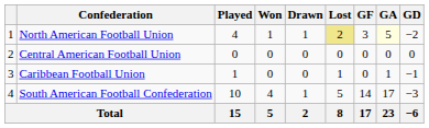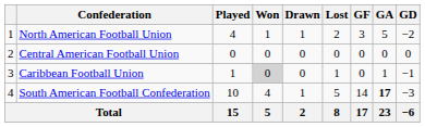 <table class="wikitable plainrowheaders sortable" style="text-align:center;font-size:95%">
 <tr>
 <th></th>
 <th>Confederation</th>
 <th>Played</th>
 <th>Won</th>
 <th>Drawn</th>
 <th>Lost</th>
 <th>GF</th>
 <th>GA</th>
 <th>GD</th>
 </tr>
 <tr align=center>
 <td>1</td>
 <td align=left><a href='#'>North American Football Union</a></td>
 <td align="center">4</td>
 <td align="center">1</td>
 <td align="center">1</td>
-<td align="center" style="background: khaki;">2</td>
+<td align="center">2</td>
 <td align="center">3</td>
-<td align="center" style="background: lightyellow;">5</td>
+<td align="center">5</td>
 <td align="center">−2</td>
 </tr>
 <tr align=center>
 <td>2</td>
 <td align=left><a href='#'>Central American Football Union</a></td>
 <td align="center">0</td>
 <td align="center">0</td>
 <td align="center">0</td>
 <td align="center">0</td>
 <td align="center">0</td>
 <td align="center">0</td>
 <td align="center">0</td>
 </tr>
 <tr align=center>
 <td>3</td>
 <td align=left><a href='#'>Caribbean Football Union</a></td>
 <td align="center">1</td>
-<td align="center">0</td>
+<td align="center" style="background: lightgrey;">0</td>
 <td align="center">0</td>
 <td align="center">1</td>
 <td align="center">0</td>
 <td align="center">1</td>
 <td align="center">−1</td>
 </tr>
 <tr align=center>
 <td>4</td>
 <td align=left><a href='#'>South American Football Confederation</a></td>
 <td align="center">10</td>
 <td align="center">4</td>
 <td align="center">1</td>
 <td align="center">5</td>
 <td align="center">14</td>
-<td align="center">17</td>
+<td align="center"><strong>17</strong></td>
 <td align="center">−3</td>
 </tr>
 <tr>
 <th colspan=2>Total</th>
 <th>15</th>
 <th>5</th>
 <th>2</th>
 <th>8</th>
 <th>17</th>
 <th>23</th>
 <th>−6</th>
 </tr>
 </table>
